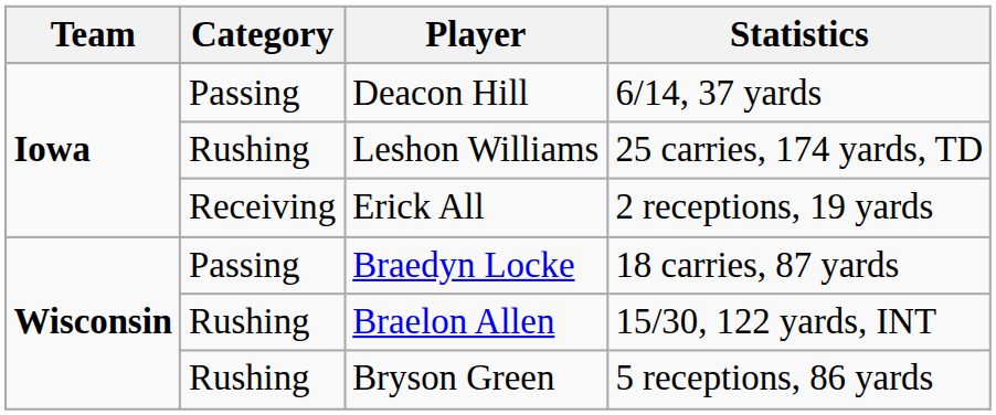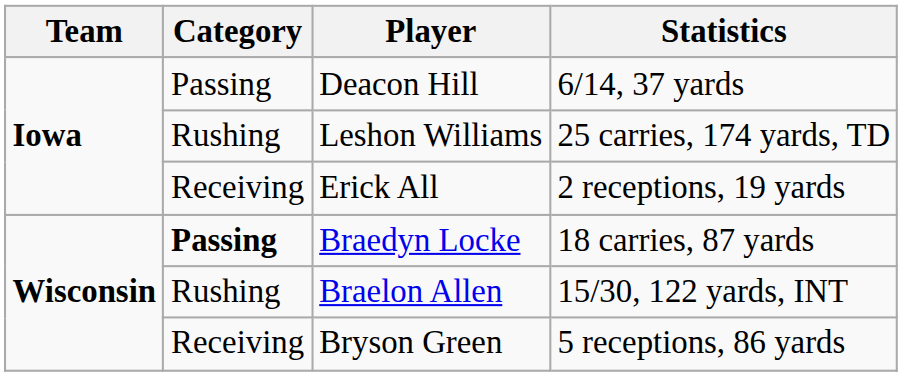 <table class="wikitable" style="float: left;">
 <tr>
 <th>Team</th>
 <th>Category</th>
 <th>Player</th>
 <th>Statistics</th>
 </tr>
 <tr>
 <td rowspan=3><strong>Iowa</strong></td>
 <td>Passing</td>
 <td>Deacon Hill</td>
 <td>6/14, 37 yards</td>
 </tr>
 <tr>
 <td>Rushing</td>
 <td>Leshon Williams</td>
 <td>25 carries, 174 yards, TD</td>
 </tr>
 <tr>
 <td>Receiving</td>
 <td>Erick All</td>
 <td>2 receptions, 19 yards</td>
 </tr>
 <tr>
 <td rowspan=3><strong>Wisconsin</strong></td>
-<td>Passing</td>
+<td><strong>Passing</strong></td>
 <td><a href='#'>Braedyn Locke</a></td>
 <td>18 carries, 87 yards</td>
 </tr>
 <tr>
 <td>Rushing</td>
 <td><a href='#'>Braelon Allen</a></td>
 <td>15/30, 122 yards, INT</td>
 </tr>
 <tr>
-<td>Rushing</td>
+<td>Receiving</td>
 <td>Bryson Green</td>
 <td>5 receptions, 86 yards</td>
 </tr>
 </table>
